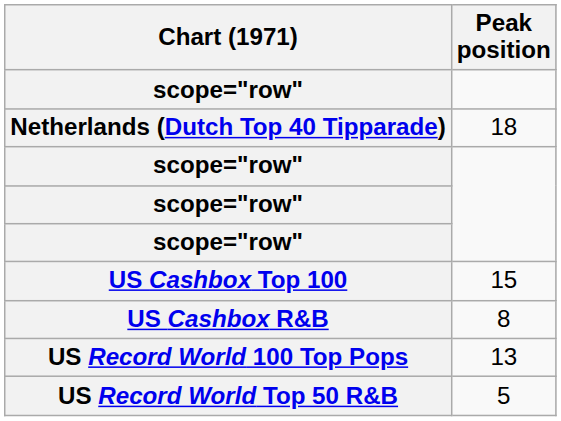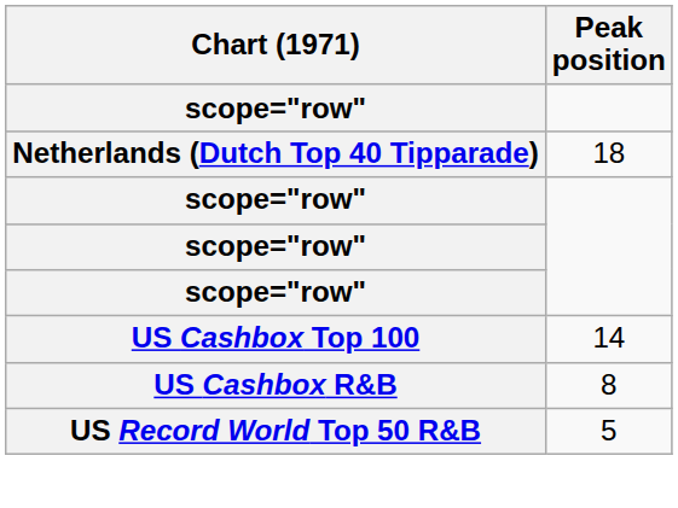 <table class="wikitable sortable plainrowheaders">
 <tr>
 <th scope="col">Chart (1971)</th>
 <th scope="col">Peak<br>position</th>
 </tr>
 <tr>
 <th>scope="row" </th>
 </tr>
 <tr>
 <th scope="row">Netherlands (<a href='#'>Dutch Top 40 Tipparade</a>)</th>
 <td align="center">18</td>
 </tr>
 <tr>
 <th>scope="row" </th>
 </tr>
 <tr>
 <th>scope="row" </th>
 </tr>
 <tr>
 <th>scope="row" </th>
 </tr>
 <tr>
 <th scope="row"><a href='#'>US <em>Cashbox</em> Top 100</a></th>
-<td style="text-align:center;">15</td>
+<td style="text-align:center;">14</td>
 </tr>
 <tr>
 <th scope="row"><a href='#'>US <em>Cashbox</em> R&B</a></th>
 <td style="text-align:center;">8</td>
 </tr>
 <tr>
-<th scope="row">US <a href='#'><em>Record World</em> 100 Top Pops</a></th>
-<td style="text-align:center;">13</td>
-</tr>
-<tr>
 <th scope="row">US <a href='#'><em>Record World</em> Top 50 R&B</a></th>
 <td style="text-align:center;">5</td>
 </tr>
 </table>
